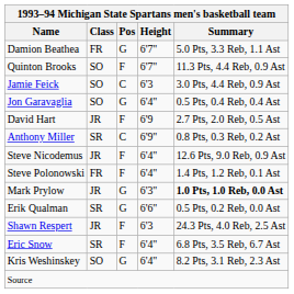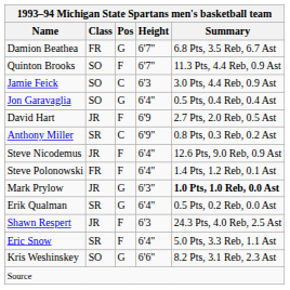 <table class="wikitable" style="font-size: 90%"|->
 <tr>
 <th colspan=9 style="background:#">1993–94 Michigan State Spartans men's basketball team</th>
 </tr>
 <tr>
 <th style="background:#">Name</th>
 <th style="background:#">Class</th>
 <th style="background:#">Pos</th>
 <th style="background:#">Height</th>
 <th style="background:#">Summary</th>
 </tr>
 <tr>
 <td>Damion Beathea</td>
 <td>FR</td>
 <td>G</td>
 <td>6'7"</td>
-<td>5.0 Pts, 3.3 Reb, 1.1 Ast</td>
+<td>6.8 Pts, 3.5 Reb, 6.7 Ast</td>
 </tr>
 <tr>
 <td>Quinton Brooks</td>
 <td>SO</td>
 <td>F</td>
 <td>6'7"</td>
 <td>11.3 Pts, 4.4 Reb, 0.9 Ast</td>
 </tr>
 <tr>
 <td><a href='#'>Jamie Feick</a></td>
 <td>SO</td>
 <td>C</td>
 <td>6'3</td>
 <td>3.0 Pts, 4.4 Reb, 0.9 Ast</td>
 </tr>
 <tr>
 <td><a href='#'>Jon Garavaglia</a></td>
 <td>SO</td>
 <td>G</td>
 <td>6'4"</td>
 <td>0.5 Pts, 0.4 Reb, 0.4 Ast</td>
 </tr>
 <tr>
 <td>David Hart</td>
 <td>JR</td>
 <td>F</td>
 <td>6'9</td>
 <td>2.7 Pts, 2.0 Reb, 0.5 Ast</td>
 </tr>
 <tr>
 <td><a href='#'>Anthony Miller</a></td>
 <td>SR</td>
 <td>C</td>
 <td>6'9"</td>
 <td>0.8 Pts, 0.3 Reb, 0.2 Ast</td>
 </tr>
 <tr>
 <td>Steve Nicodemus</td>
 <td>JR</td>
 <td>F</td>
 <td>6'4"</td>
 <td>12.6 Pts, 9.0 Reb, 0.9 Ast</td>
 </tr>
 <tr>
 <td>Steve Polonowski</td>
 <td>FR</td>
 <td>F</td>
 <td>6'4"</td>
 <td>1.4 Pts, 1.2 Reb, 0.1 Ast</td>
 </tr>
 <tr>
 <td>Mark Prylow</td>
 <td>JR</td>
 <td>G</td>
 <td>6'3"</td>
 <td><strong>1.0 Pts, 1.0 Reb, 0.0 Ast</strong></td>
 </tr>
 <tr>
 <td>Erik Qualman</td>
 <td>SR</td>
 <td>G</td>
-<td>6'6"</td>
+<td>6'4"</td>
 <td>0.5 Pts, 0.2 Reb, 0.0 Ast</td>
 </tr>
 <tr>
 <td><a href='#'>Shawn Respert</a></td>
 <td>JR</td>
 <td>F</td>
 <td>6'3</td>
 <td>24.3 Pts, 4.0 Reb, 2.5 Ast</td>
 </tr>
 <tr>
 <td><a href='#'>Eric Snow</a></td>
 <td>SR</td>
 <td>F</td>
 <td>6'4"</td>
-<td>6.8 Pts, 3.5 Reb, 6.7 Ast</td>
+<td>5.0 Pts, 3.3 Reb, 1.1 Ast</td>
 </tr>
 <tr>
 <td>Kris Weshinskey</td>
 <td>SO</td>
 <td>G</td>
-<td>6'4"</td>
+<td>6'6"</td>
 <td>8.2 Pts, 3.1 Reb, 2.3 Ast</td>
 </tr>
 <tr>
 <td colspan=9><small>Source</small></td>
 </tr>
 </table>
